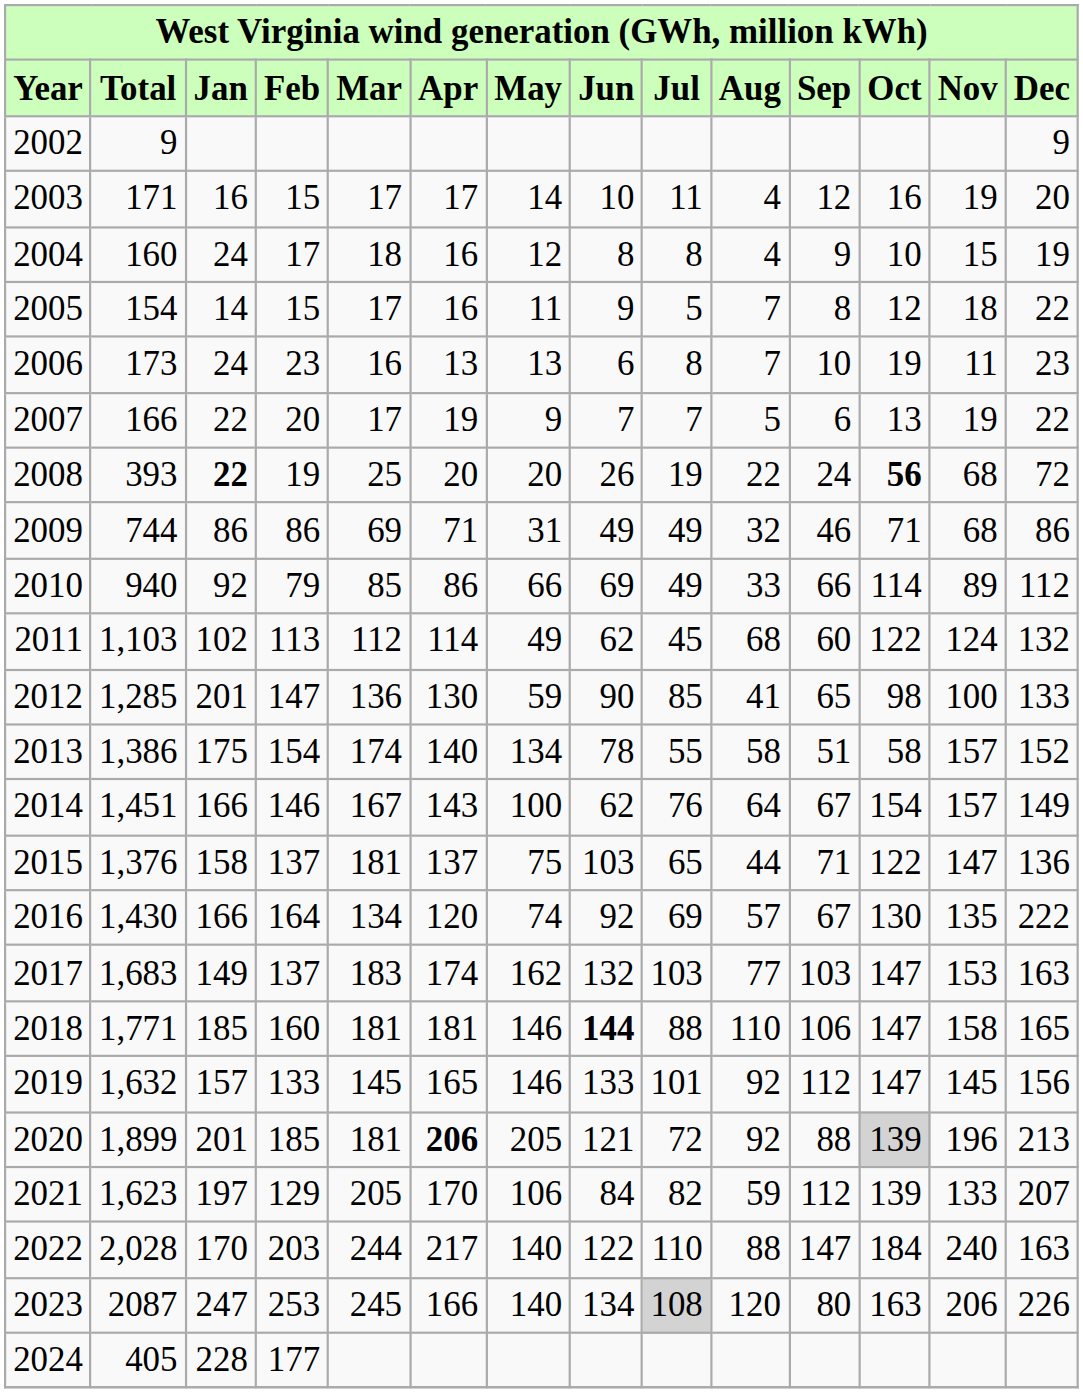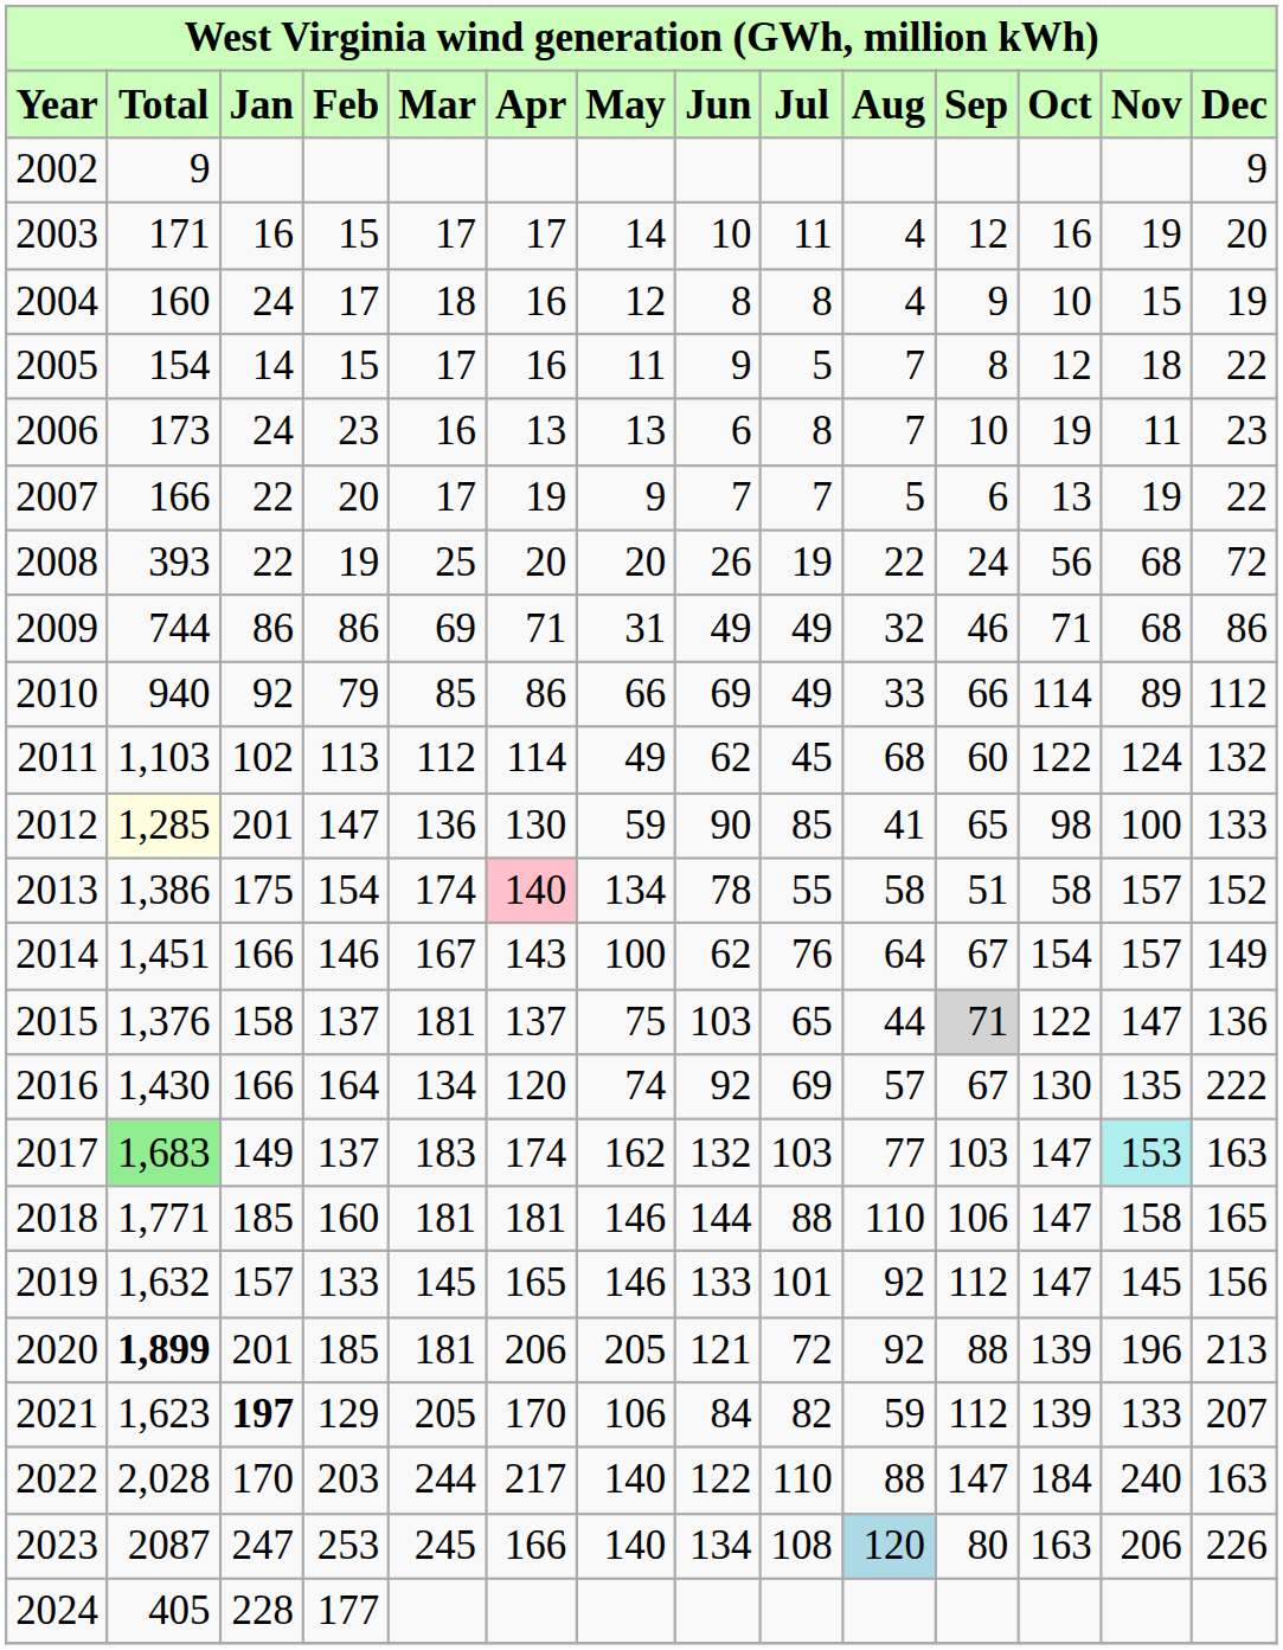 <table class="wikitable" style="text-align:right;">
 <tr>
 <th colspan="14" style="background:#cfb;">West Virginia wind generation (GWh, million kWh)</th>
 </tr>
 <tr>
 <th style="background:#cfb;">Year</th>
 <th style="background:#cfb;">Total</th>
 <th style="background:#cfb;">Jan</th>
 <th style="background:#cfb;">Feb</th>
 <th style="background:#cfb;">Mar</th>
 <th style="background:#cfb;">Apr</th>
 <th style="background:#cfb;">May</th>
 <th style="background:#cfb;">Jun</th>
 <th style="background:#cfb;">Jul</th>
 <th style="background:#cfb;">Aug</th>
 <th style="background:#cfb;">Sep</th>
 <th style="background:#cfb;">Oct</th>
 <th style="background:#cfb;">Nov</th>
 <th style="background:#cfb;">Dec</th>
 </tr>
 <tr align=right>
 <td>2002</td>
 <td>9</td>
 <td></td>
 <td></td>
 <td></td>
 <td></td>
 <td></td>
 <td></td>
 <td></td>
 <td></td>
 <td></td>
 <td></td>
 <td></td>
 <td>9</td>
 </tr>
 <tr align=right>
 <td>2003</td>
 <td>171</td>
 <td>16</td>
 <td>15</td>
 <td>17</td>
 <td>17</td>
 <td>14</td>
 <td>10</td>
 <td>11</td>
 <td>4</td>
 <td>12</td>
 <td>16</td>
 <td>19</td>
 <td>20</td>
 </tr>
 <tr align=right>
 <td>2004</td>
 <td>160</td>
 <td>24</td>
 <td>17</td>
 <td>18</td>
 <td>16</td>
 <td>12</td>
 <td>8</td>
 <td>8</td>
 <td>4</td>
 <td>9</td>
 <td>10</td>
 <td>15</td>
 <td>19</td>
 </tr>
 <tr align=right>
 <td>2005</td>
 <td>154</td>
 <td>14</td>
 <td>15</td>
 <td>17</td>
 <td>16</td>
 <td>11</td>
 <td>9</td>
 <td>5</td>
 <td>7</td>
 <td>8</td>
 <td>12</td>
 <td>18</td>
 <td>22</td>
 </tr>
 <tr align=right>
 <td>2006</td>
 <td>173</td>
 <td>24</td>
 <td>23</td>
 <td>16</td>
 <td>13</td>
 <td>13</td>
 <td>6</td>
 <td>8</td>
 <td>7</td>
 <td>10</td>
 <td>19</td>
 <td>11</td>
 <td>23</td>
 </tr>
 <tr align=right>
 <td>2007</td>
 <td>166</td>
 <td>22</td>
 <td>20</td>
 <td>17</td>
 <td>19</td>
 <td>9</td>
 <td>7</td>
 <td>7</td>
 <td>5</td>
 <td>6</td>
 <td>13</td>
 <td>19</td>
 <td>22</td>
 </tr>
 <tr align=right>
 <td>2008</td>
 <td>393</td>
-<td><strong>22</strong></td>
+<td>22</td>
 <td>19</td>
 <td>25</td>
 <td>20</td>
 <td>20</td>
 <td>26</td>
 <td>19</td>
 <td>22</td>
 <td>24</td>
-<td><strong>56</strong></td>
+<td>56</td>
 <td>68</td>
 <td>72</td>
 </tr>
 <tr align=right>
 <td>2009</td>
 <td>744</td>
 <td>86</td>
 <td>86</td>
 <td>69</td>
 <td>71</td>
 <td>31</td>
 <td>49</td>
 <td>49</td>
 <td>32</td>
 <td>46</td>
 <td>71</td>
 <td>68</td>
 <td>86</td>
 </tr>
 <tr align=right>
 <td>2010</td>
 <td>940</td>
 <td>92</td>
 <td>79</td>
 <td>85</td>
 <td>86</td>
 <td>66</td>
 <td>69</td>
 <td>49</td>
 <td>33</td>
 <td>66</td>
 <td>114</td>
 <td>89</td>
 <td>112</td>
 </tr>
 <tr align=right>
 <td>2011</td>
 <td>1,103</td>
 <td>102</td>
 <td>113</td>
 <td>112</td>
 <td>114</td>
 <td>49</td>
 <td>62</td>
 <td>45</td>
 <td>68</td>
 <td>60</td>
 <td>122</td>
 <td>124</td>
 <td>132</td>
 </tr>
 <tr align=right>
 <td>2012</td>
-<td>1,285</td>
+<td style="background: lightyellow;">1,285</td>
 <td>201</td>
 <td>147</td>
 <td>136</td>
 <td>130</td>
 <td>59</td>
 <td>90</td>
 <td>85</td>
 <td>41</td>
 <td>65</td>
 <td>98</td>
 <td>100</td>
 <td>133</td>
 </tr>
 <tr align=right>
 <td>2013</td>
 <td>1,386</td>
 <td>175</td>
 <td>154</td>
 <td>174</td>
-<td>140</td>
+<td style="background: pink;">140</td>
 <td>134</td>
 <td>78</td>
 <td>55</td>
 <td>58</td>
 <td>51</td>
 <td>58</td>
 <td>157</td>
 <td>152</td>
 </tr>
 <tr align=right>
 <td>2014</td>
 <td>1,451</td>
 <td>166</td>
 <td>146</td>
 <td>167</td>
 <td>143</td>
 <td>100</td>
 <td>62</td>
 <td>76</td>
 <td>64</td>
 <td>67</td>
 <td>154</td>
 <td>157</td>
 <td>149</td>
 </tr>
 <tr align=right>
 <td>2015</td>
 <td>1,376</td>
 <td>158</td>
 <td>137</td>
 <td>181</td>
 <td>137</td>
 <td>75</td>
 <td>103</td>
 <td>65</td>
 <td>44</td>
-<td>71</td>
+<td style="background: lightgrey;">71</td>
 <td>122</td>
 <td>147</td>
 <td>136</td>
 </tr>
 <tr align=right>
 <td>2016</td>
 <td>1,430</td>
 <td>166</td>
 <td>164</td>
 <td>134</td>
 <td>120</td>
 <td>74</td>
 <td>92</td>
 <td>69</td>
 <td>57</td>
 <td>67</td>
 <td>130</td>
 <td>135</td>
 <td>222</td>
 </tr>
 <tr align=right>
 <td>2017</td>
-<td>1,683</td>
+<td style="background: lightgreen;">1,683</td>
 <td>149</td>
 <td>137</td>
 <td>183</td>
 <td>174</td>
 <td>162</td>
 <td>132</td>
 <td>103</td>
 <td>77</td>
 <td>103</td>
 <td>147</td>
-<td>153</td>
+<td style="background: paleturquoise;">153</td>
 <td>163</td>
 </tr>
 <tr align=right>
 <td>2018</td>
 <td>1,771</td>
 <td>185</td>
 <td>160</td>
 <td>181</td>
 <td>181</td>
 <td>146</td>
-<td><strong>144</strong></td>
+<td>144</td>
 <td>88</td>
 <td>110</td>
 <td>106</td>
 <td>147</td>
 <td>158</td>
 <td>165</td>
 </tr>
 <tr align=right>
 <td>2019</td>
 <td>1,632</td>
 <td>157</td>
 <td>133</td>
 <td>145</td>
 <td>165</td>
 <td>146</td>
 <td>133</td>
 <td>101</td>
 <td>92</td>
 <td>112</td>
 <td>147</td>
 <td>145</td>
 <td>156</td>
 </tr>
 <tr align=right>
 <td>2020</td>
-<td>1,899</td>
+<td><strong>1,899</strong></td>
 <td>201</td>
 <td>185</td>
 <td>181</td>
-<td><strong>206</strong></td>
+<td>206</td>
 <td>205</td>
 <td>121</td>
 <td>72</td>
 <td>92</td>
 <td>88</td>
-<td style="background: lightgrey;">139</td>
+<td>139</td>
 <td>196</td>
 <td>213</td>
 </tr>
 <tr align=right>
 <td>2021</td>
 <td>1,623</td>
-<td>197</td>
+<td><strong>197</strong></td>
 <td>129</td>
 <td>205</td>
 <td>170</td>
 <td>106</td>
 <td>84</td>
 <td>82</td>
 <td>59</td>
 <td>112</td>
 <td>139</td>
 <td>133</td>
 <td>207</td>
 </tr>
 <tr align=right>
 <td>2022</td>
 <td>2,028</td>
 <td>170</td>
 <td>203</td>
 <td>244</td>
 <td>217</td>
 <td>140</td>
 <td>122</td>
 <td>110</td>
 <td>88</td>
 <td>147</td>
 <td>184</td>
 <td>240</td>
 <td>163</td>
 </tr>
 <tr align=right>
 <td>2023</td>
 <td>2087</td>
 <td>247</td>
 <td>253</td>
 <td>245</td>
 <td>166</td>
 <td>140</td>
 <td>134</td>
-<td style="background: lightgrey;">108</td>
-<td>120</td>
+<td>108</td>
+<td style="background: lightblue;">120</td>
 <td>80</td>
 <td>163</td>
 <td>206</td>
 <td>226</td>
 </tr>
 <tr align=right>
 <td>2024</td>
 <td>405</td>
 <td>228</td>
 <td>177</td>
 <td></td>
 <td></td>
 <td></td>
 <td></td>
 <td></td>
 <td></td>
 <td></td>
 <td></td>
 <td></td>
 <td></td>
 </tr>
 <tr align=right>
 </tr>
 </table>
